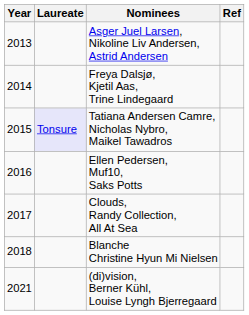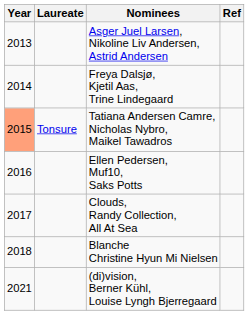 <table align="center" class="wikitable sortable">
 <tr>
 <th>Year</th>
 <th>Laureate</th>
 <th>Nominees</th>
 <th>Ref</th>
 </tr>
 <tr>
 <td>2013</td>
 <td></td>
 <td><a href='#'>Asger Juel Larsen</a>,<br> Nikoline Liv Andersen,<br> <a href='#'>Astrid Andersen</a></td>
 <td></td>
 </tr>
 <tr>
 <td>2014</td>
 <td></td>
 <td>Freya Dalsjø, <br>Kjetil Aas, <br> Trine Lindegaard</td>
 <td></td>
 </tr>
 <tr>
-<td>2015</td>
-<td style="background: lavender;"><a href='#'>Tonsure</a></td>
+<td style="background: lightsalmon;">2015</td>
+<td><a href='#'>Tonsure</a></td>
 <td>Tatiana Andersen Camre, <br>Nicholas Nybro, <br> Maikel Tawadros</td>
 <td></td>
 </tr>
 <tr>
 <td>2016</td>
 <td></td>
 <td>Ellen Pedersen,<br> Muf10, <br> Saks Potts</td>
 <td></td>
 </tr>
 <tr>
 <td>2017</td>
 <td></td>
 <td>Clouds,<br>Randy Collection,<br> All At Sea</td>
 <td></td>
 </tr>
 <tr>
 <td>2018</td>
 <td></td>
 <td>Blanche <br> Christine Hyun Mi Nielsen</td>
 <td></td>
 </tr>
 <tr>
 <td>2021</td>
 <td></td>
 <td>(di)vision,<br>Berner Kühl,<br>Louise Lyngh Bjerregaard</td>
 </tr>
 </table>
